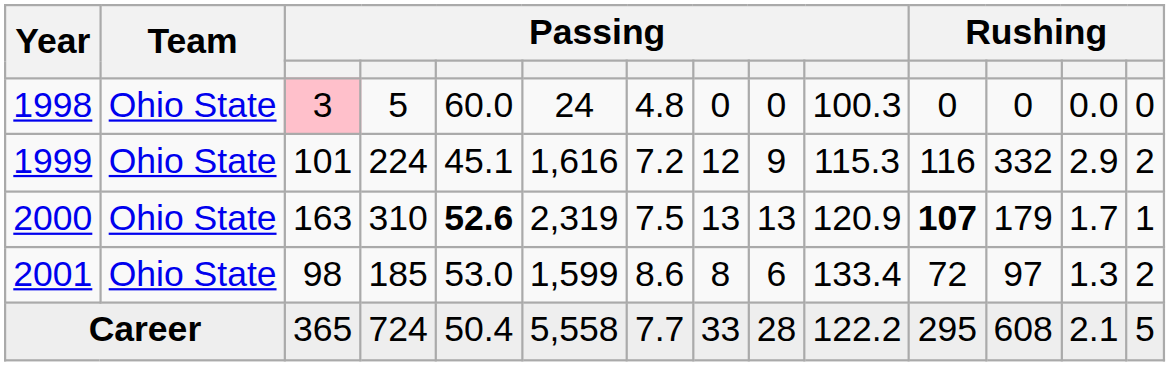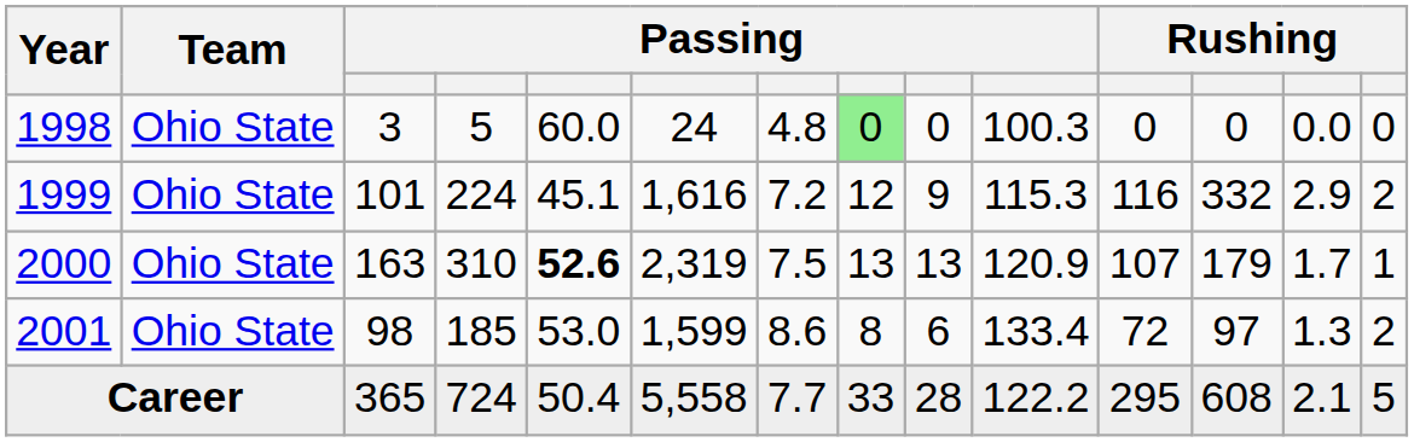 <table class="wikitable sortable" style="text-align:center;">
 <tr>
 <th rowspan=2>Year</th>
 <th rowspan=2>Team</th>
 <th colspan=8>Passing</th>
 <th colspan=4>Rushing</th>
 </tr>
 <tr>
 <th></th>
 <th></th>
 <th></th>
 <th></th>
 <th></th>
 <th></th>
 <th></th>
 <th></th>
 <th></th>
 <th></th>
 <th></th>
 <th></th>
 </tr>
 <tr>
 <td><a href='#'>1998</a></td>
 <td><a href='#'>Ohio State</a></td>
-<td style="background: pink;">3</td>
+<td>3</td>
 <td>5</td>
 <td>60.0</td>
 <td>24</td>
 <td>4.8</td>
-<td>0</td>
+<td style="background: lightgreen;">0</td>
 <td>0</td>
 <td>100.3</td>
 <td>0</td>
 <td>0</td>
 <td>0.0</td>
 <td>0</td>
 </tr>
 <tr>
 <td><a href='#'>1999</a></td>
 <td><a href='#'>Ohio State</a></td>
 <td>101</td>
 <td>224</td>
 <td>45.1</td>
 <td>1,616</td>
 <td>7.2</td>
 <td>12</td>
 <td>9</td>
 <td>115.3</td>
 <td>116</td>
 <td>332</td>
 <td>2.9</td>
 <td>2</td>
 </tr>
 <tr>
 <td><a href='#'>2000</a></td>
 <td><a href='#'>Ohio State</a></td>
 <td>163</td>
 <td>310</td>
 <td><strong>52.6</strong></td>
 <td>2,319</td>
 <td>7.5</td>
 <td>13</td>
 <td>13</td>
 <td>120.9</td>
-<td><strong>107</strong></td>
+<td>107</td>
 <td>179</td>
 <td>1.7</td>
 <td>1</td>
 </tr>
 <tr>
 <td><a href='#'>2001</a></td>
 <td><a href='#'>Ohio State</a></td>
 <td>98</td>
 <td>185</td>
 <td>53.0</td>
 <td>1,599</td>
 <td>8.6</td>
 <td>8</td>
 <td>6</td>
 <td>133.4</td>
 <td>72</td>
 <td>97</td>
 <td>1.3</td>
 <td>2</td>
 </tr>
 <tr class="sortbottom" style="background:#eee;">
 <td colspan=2><strong>Career</strong></td>
 <td>365</td>
 <td>724</td>
 <td>50.4</td>
 <td>5,558</td>
 <td>7.7</td>
 <td>33</td>
 <td>28</td>
 <td>122.2</td>
 <td>295</td>
 <td>608</td>
 <td>2.1</td>
 <td>5</td>
 </tr>
 </table>
